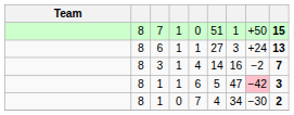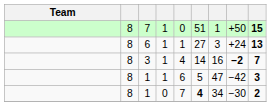 <table class=wikitable style="text-align:center">
 <tr>
 <th width="175">Team</th>
 <th width="20"></th>
 <th width="20"></th>
 <th width="20"></th>
 <th width="20"></th>
 <th width="20"></th>
 <th width="20"></th>
 <th width="20"></th>
 <th width="20"></th>
 </tr>
 <tr style="background:#cfc;">
 <td align=left></td>
 <td>8</td>
 <td>7</td>
 <td>1</td>
 <td>0</td>
 <td>51</td>
 <td>1</td>
 <td>+50</td>
 <td><strong>15</strong></td>
 </tr>
 <tr>
 <td align=left></td>
 <td>8</td>
 <td>6</td>
 <td>1</td>
 <td>1</td>
 <td>27</td>
 <td>3</td>
 <td>+24</td>
 <td><strong>13</strong></td>
 </tr>
 <tr>
 <td align=left></td>
 <td>8</td>
 <td>3</td>
 <td>1</td>
 <td>4</td>
 <td>14</td>
 <td>16</td>
-<td>−2</td>
+<td><strong>−2</strong></td>
 <td><strong>7</strong></td>
 </tr>
 <tr>
 <td align=left></td>
 <td>8</td>
 <td>1</td>
 <td>1</td>
 <td>6</td>
 <td>5</td>
 <td>47</td>
-<td style="background: pink;">−42</td>
+<td>−42</td>
 <td><strong>3</strong></td>
 </tr>
 <tr>
 <td align=left></td>
 <td>8</td>
 <td>1</td>
 <td>0</td>
 <td>7</td>
-<td>4</td>
+<td><strong>4</strong></td>
 <td>34</td>
 <td>−30</td>
 <td><strong>2</strong></td>
 </tr>
 <tr>
 </tr>
 </table>
